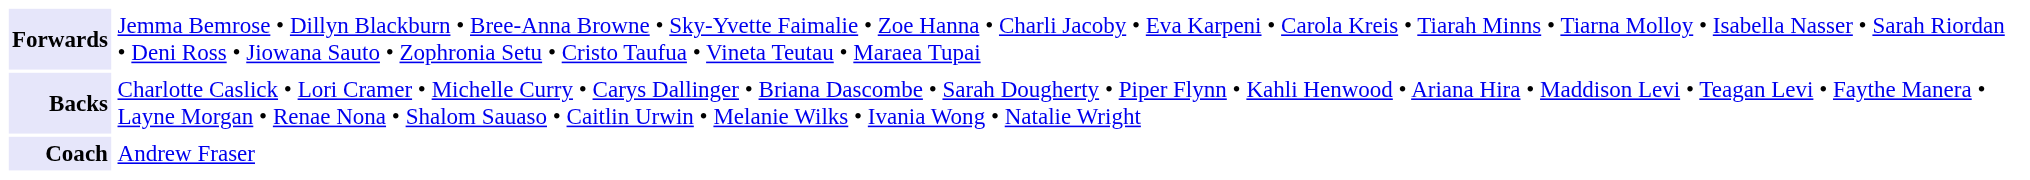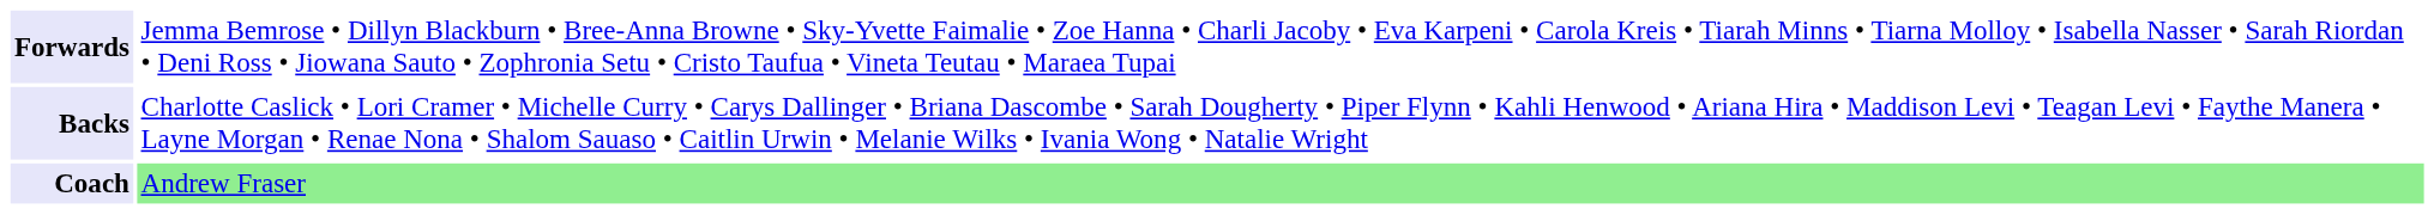 <table cellpadding="2" style="border: 1px solid white; font-size:90%;">
 <tr>
 <td style="text-align:right;" bgcolor="lavender"><strong>Forwards</strong></td>
 <td style="text-align:left;"><a href='#'>Jemma Bemrose</a> • <a href='#'>Dillyn Blackburn</a> • <a href='#'>Bree-Anna Browne</a> • <a href='#'>Sky-Yvette Faimalie</a> • <a href='#'>Zoe Hanna</a> • <a href='#'>Charli Jacoby</a> • <a href='#'>Eva Karpeni</a> • <a href='#'>Carola Kreis</a> • <a href='#'>Tiarah Minns</a> • <a href='#'>Tiarna Molloy</a> • <a href='#'>Isabella Nasser</a> • <a href='#'>Sarah Riordan</a> • <a href='#'>Deni Ross</a> • <a href='#'>Jiowana Sauto</a> • <a href='#'>Zophronia Setu</a> • <a href='#'>Cristo Taufua</a> • <a href='#'>Vineta Teutau</a> • <a href='#'>Maraea Tupai</a></td>
 </tr>
 <tr>
 <td style="text-align:right;" bgcolor="lavender"><strong>Backs</strong></td>
 <td style="text-align:left;"><a href='#'>Charlotte Caslick</a> • <a href='#'>Lori Cramer</a> • <a href='#'>Michelle Curry</a> • <a href='#'>Carys Dallinger</a> • <a href='#'>Briana Dascombe</a> • <a href='#'>Sarah Dougherty</a> • <a href='#'>Piper Flynn</a> • <a href='#'>Kahli Henwood</a> • <a href='#'>Ariana Hira</a> • <a href='#'>Maddison Levi</a> • <a href='#'>Teagan Levi</a> • <a href='#'>Faythe Manera</a> • <a href='#'>Layne Morgan</a> • <a href='#'>Renae Nona</a> • <a href='#'>Shalom Sauaso</a> • <a href='#'>Caitlin Urwin</a> • <a href='#'>Melanie Wilks</a> • <a href='#'>Ivania Wong</a> • <a href='#'>Natalie Wright</a></td>
 </tr>
 <tr>
 <td style="text-align:right;" bgcolor="lavender"><strong>Coach</strong></td>
-<td style="text-align:left;"><a href='#'>Andrew Fraser</a></td>
+<td style="background: lightgreen; text-align:left;"><a href='#'>Andrew Fraser</a></td>
 </tr>
 </table>
